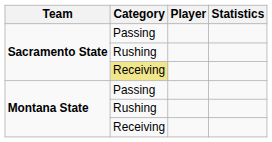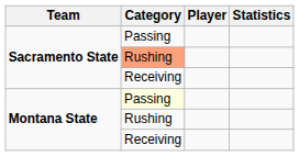 <table class="wikitable" style="float: right;">
 <tr>
 <th>Team</th>
 <th>Category</th>
 <th>Player</th>
 <th>Statistics</th>
 </tr>
 <tr>
 <td rowspan=3><strong>Sacramento State</strong></td>
 <td>Passing</td>
 <td></td>
 <td></td>
 </tr>
 <tr>
-<td>Rushing</td>
+<td style="background: lightsalmon;">Rushing</td>
 <td></td>
 <td></td>
 </tr>
 <tr>
-<td style="background: khaki;">Receiving</td>
+<td>Receiving</td>
 <td></td>
 <td></td>
 </tr>
 <tr>
 <td rowspan=3><strong>Montana State</strong></td>
-<td>Passing</td>
+<td style="background: lightyellow;">Passing</td>
 <td></td>
 <td></td>
 </tr>
 <tr>
 <td>Rushing</td>
 <td></td>
 <td></td>
 </tr>
 <tr>
 <td>Receiving</td>
 <td></td>
 <td></td>
 </tr>
 </table>
